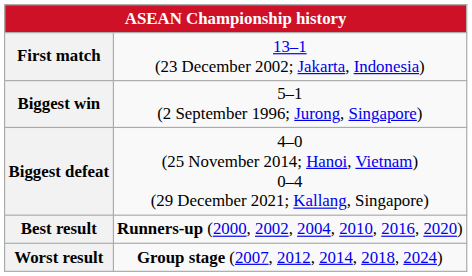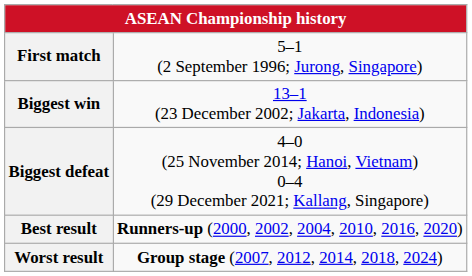 <table class="wikitable collapsible collapsed" style="text-align: center;font-size:90%;">
 <tr>
 <th colspan=6 style="background: #CE1126; color: #FFFFFF;">ASEAN Championship history</th>
 </tr>
 <tr>
 <th style="text-align: center;">First match</th>
-<td style="text-align:center;"> <a href='#'>13–1</a> <br>(23 December 2002; <a href='#'>Jakarta</a>, <a href='#'>Indonesia</a>)</td>
+<td style="text-align:center;"> 5–1 <br>(2 September 1996; <a href='#'>Jurong</a>, <a href='#'>Singapore</a>)</td>
 </tr>
 <tr>
 <th style="text-align: center;">Biggest win</th>
-<td style="text-align:center;"> 5–1 <br>(2 September 1996; <a href='#'>Jurong</a>, <a href='#'>Singapore</a>)</td>
+<td style="text-align:center;"> <a href='#'>13–1</a> <br>(23 December 2002; <a href='#'>Jakarta</a>, <a href='#'>Indonesia</a>)</td>
 </tr>
 <tr>
 <th style="text-align: center;">Biggest defeat</th>
 <td style="text-align:center;"> 4–0 <br>(25 November 2014; <a href='#'>Hanoi</a>, <a href='#'>Vietnam</a>)<br> 0–4 <br>(29 December 2021; <a href='#'>Kallang</a>, Singapore)</td>
 </tr>
 <tr>
 <th style="text-align: center;">Best result</th>
 <td style="text-align:center;"><strong>Runners-up</strong> (<a href='#'>2000</a>, <a href='#'>2002</a>, <a href='#'>2004</a>, <a href='#'>2010</a>, <a href='#'>2016</a>, <a href='#'>2020</a>)</td>
 </tr>
 <tr>
 <th style="text-align: center;">Worst result</th>
 <td style="text-align:center;"><strong>Group stage</strong> (<a href='#'>2007</a>, <a href='#'>2012</a>, <a href='#'>2014</a>, <a href='#'>2018</a>, <a href='#'>2024</a>)</td>
 </tr>
 </table>
